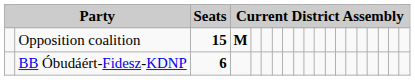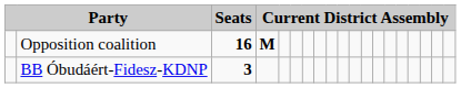 <table class="wikitable">
 <tr>
 <th style="background:#ccc" colspan="2">Party</th>
 <th style="background:#ccc">Seats</th>
 <th style="background:#ccc" colspan="16">Current District Assembly</th>
 </tr>
 <tr>
 <td style="background-color: "> </td>
 <td>Opposition coalition</td>
-<td style="text-align: right"><strong>15</strong></td>
+<td style="text-align: right"><strong>16</strong></td>
 <td style="background-color: "><span><strong>M</strong></span></td>
 <td style="background-color: "> </td>
 <td style="background-color: "> </td>
 <td style="background-color: "> </td>
 <td style="background-color: "> </td>
 <td style="background-color: "> </td>
 <td style="background-color: "> </td>
 <td style="background-color: "> </td>
 <td style="background-color: "> </td>
 <td style="background-color: "> </td>
 <td style="background-color: "> </td>
 <td style="background-color: "> </td>
 <td style="background-color: "> </td>
 <td style="background-color: "> </td>
 <td style="background-color: "> </td>
 <td style="background-color: "> </td>
 </tr>
 <tr>
 <td style="background-color: "> </td>
 <td><a href='#'>BB</a> Óbudáért-<a href='#'>Fidesz</a>-<a href='#'>KDNP</a></td>
-<td style="text-align: right"><strong>6</strong></td>
+<td style="text-align: right"><strong>3</strong></td>
 <td style="background-color: "> </td>
 <td style="background-color: "> </td>
 <td style="background-color: "> </td>
 <td style="background-color: "> </td>
 <td style="background-color: "> </td>
 <td style="background-color: "> </td>
 <td> </td>
 <td> </td>
 <td> </td>
 <td> </td>
 <td> </td>
 <td> </td>
 <td> </td>
 <td> </td>
 <td> </td>
 <td> </td>
 </tr>
 </table>
